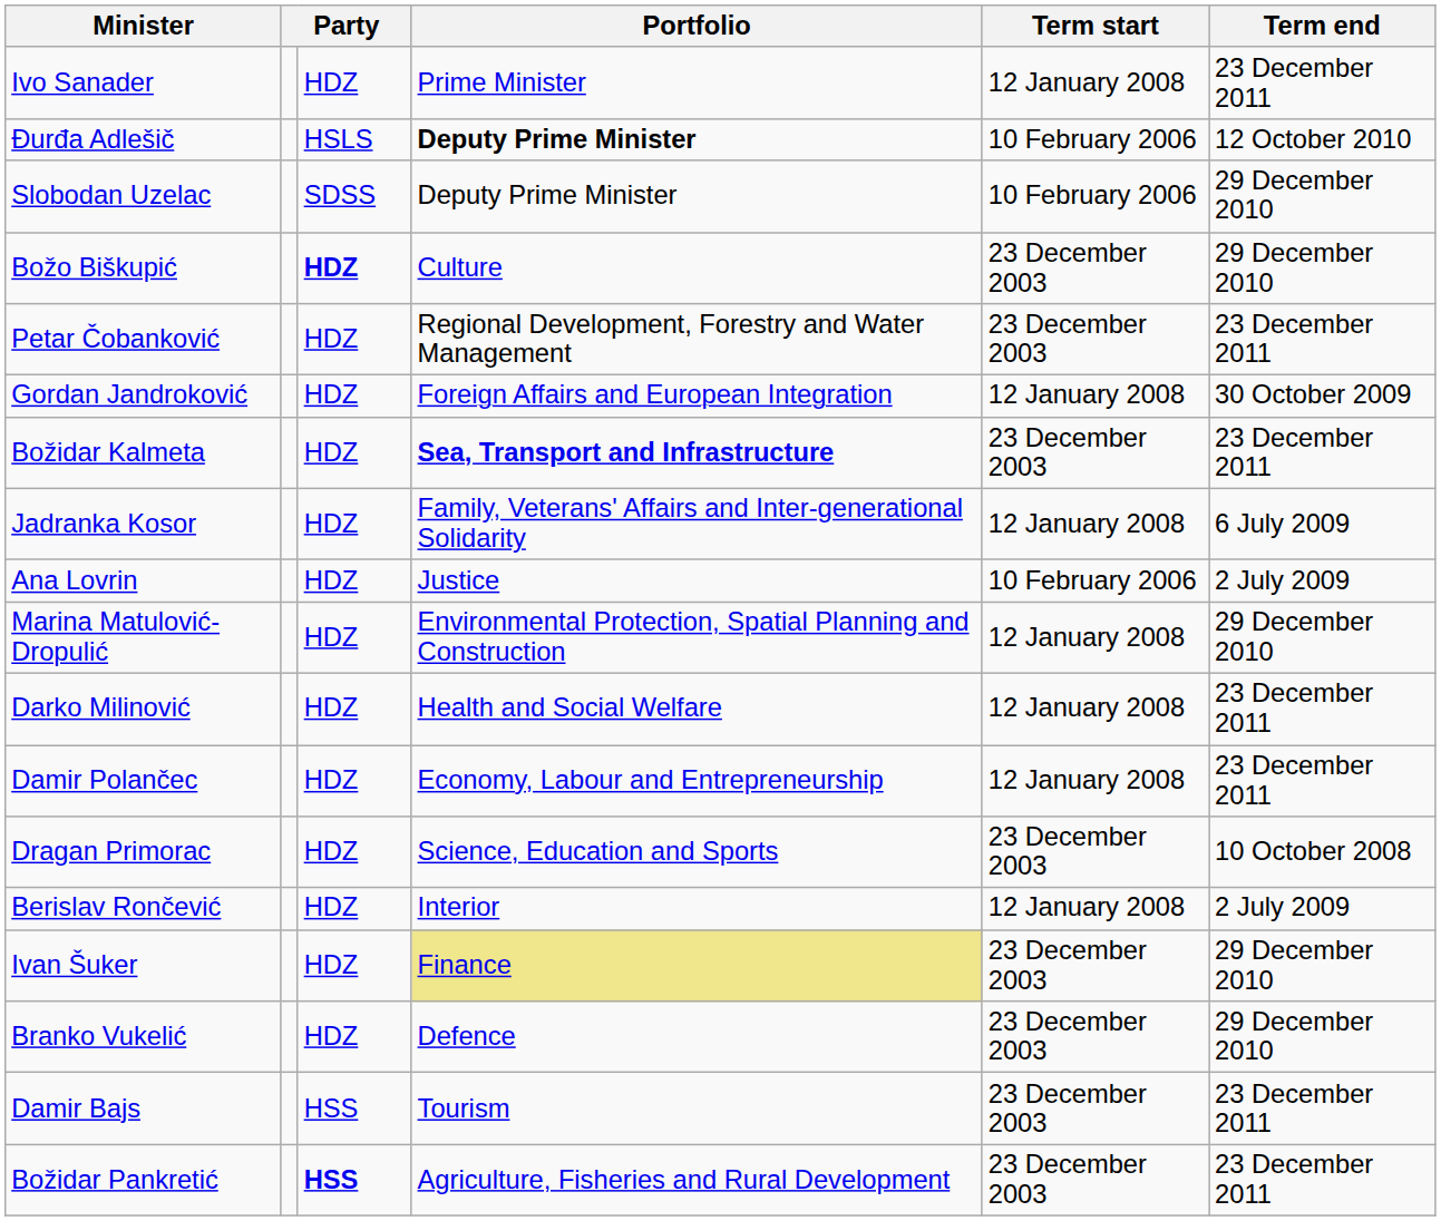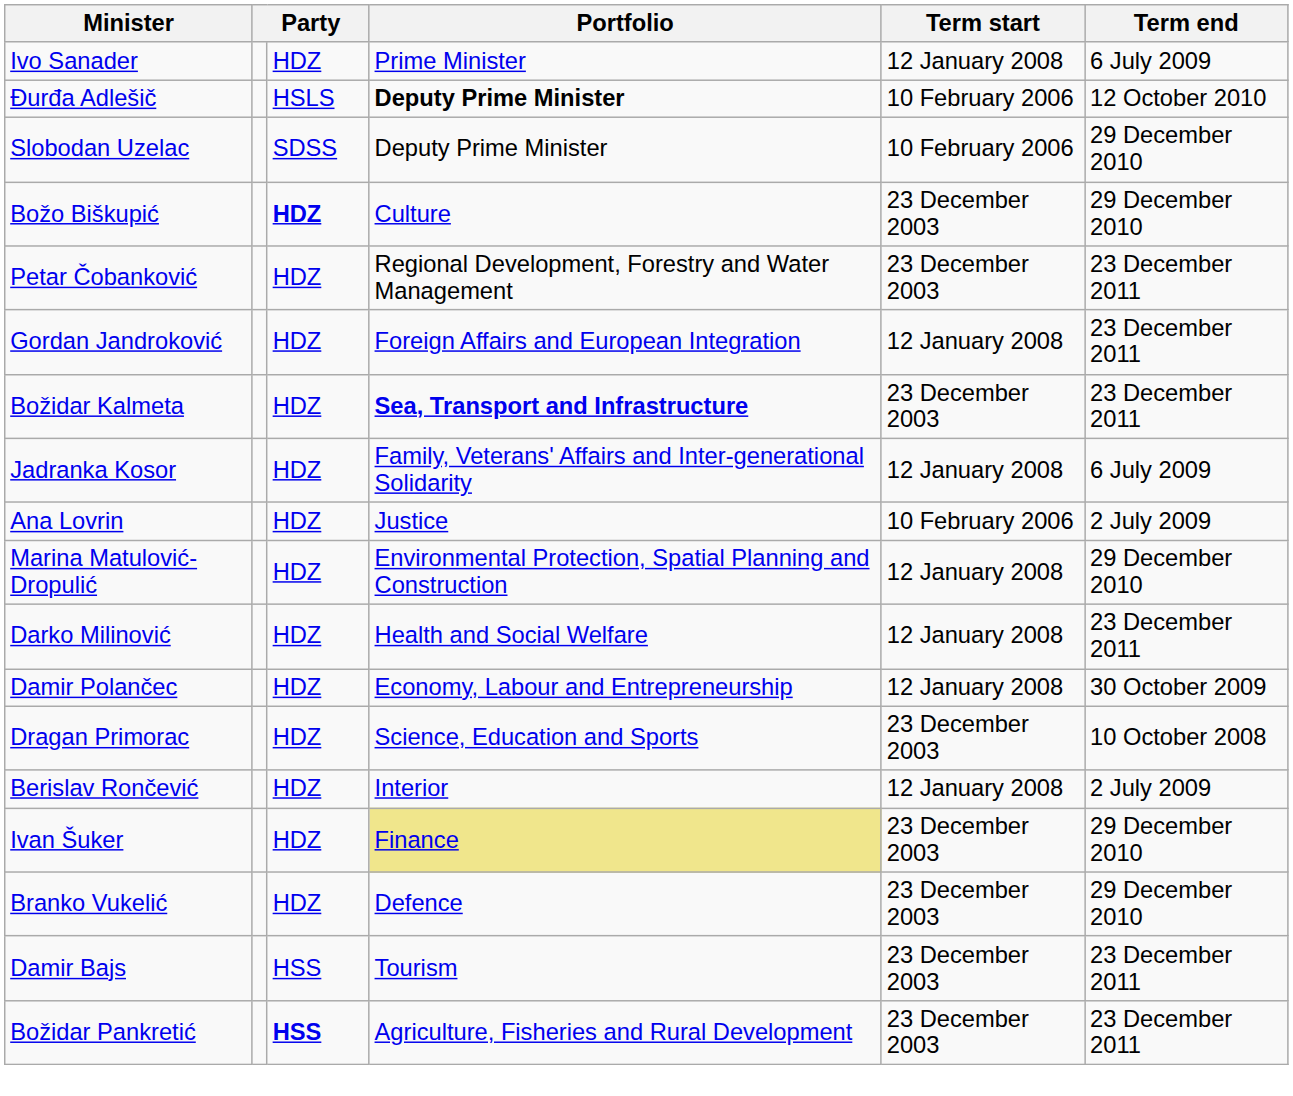 <table class="wikitable">
 <tr>
 <th width="160">Minister</th>
 <th colspan=2 width="80">Party</th>
 <th>Portfolio</th>
 <th width="130">Term start</th>
 <th width="130">Term end</th>
 </tr>
 <tr>
 <td><a href='#'>Ivo Sanader</a></td>
 <td style="background-color: "></td>
 <td><a href='#'>HDZ</a></td>
 <td><a href='#'>Prime Minister</a></td>
 <td>12 January 2008</td>
-<td>23 December 2011</td>
+<td>6 July 2009</td>
 </tr>
 <tr>
 <td><a href='#'>Đurđa Adlešič</a> </td>
 <td style="background-color: "></td>
 <td><a href='#'>HSLS</a></td>
 <td><strong>Deputy Prime Minister</strong></td>
 <td>10 February 2006</td>
 <td>12 October 2010</td>
 </tr>
 <tr>
 <td><a href='#'>Slobodan Uzelac</a> </td>
 <td style="background-color: "></td>
 <td><a href='#'>SDSS</a></td>
 <td>Deputy Prime Minister</td>
 <td>10 February 2006</td>
 <td>29 December 2010</td>
 </tr>
 <tr>
 <td><a href='#'>Božo Biškupić</a></td>
 <td style="background-color: "></td>
 <td><strong><a href='#'>HDZ</a></strong></td>
 <td><a href='#'>Culture</a></td>
 <td>23 December 2003</td>
 <td>29 December 2010</td>
 </tr>
 <tr>
 <td><a href='#'>Petar Čobanković</a></td>
 <td style="background-color: "></td>
 <td><a href='#'>HDZ</a></td>
 <td>Regional Development, Forestry and Water Management</td>
 <td>23 December 2003</td>
 <td>23 December 2011</td>
 </tr>
 <tr>
 <td><a href='#'>Gordan Jandroković</a></td>
 <td style="background-color: "></td>
 <td><a href='#'>HDZ</a></td>
 <td><a href='#'>Foreign Affairs and European Integration</a></td>
 <td>12 January 2008</td>
-<td>30 October 2009</td>
+<td>23 December 2011</td>
 </tr>
 <tr>
 <td><a href='#'>Božidar Kalmeta</a></td>
 <td style="background-color: "></td>
 <td><a href='#'>HDZ</a></td>
 <td><strong><a href='#'>Sea, Transport and Infrastructure</a></strong></td>
 <td>23 December 2003</td>
 <td>23 December 2011</td>
 </tr>
 <tr>
 <td><a href='#'>Jadranka Kosor</a> </td>
 <td style="background-color: "></td>
 <td><a href='#'>HDZ</a></td>
 <td><a href='#'>Family, Veterans' Affairs and Inter-generational Solidarity</a></td>
 <td>12 January 2008</td>
 <td>6 July 2009</td>
 </tr>
 <tr>
 <td><a href='#'>Ana Lovrin</a></td>
 <td style="background-color: "></td>
 <td><a href='#'>HDZ</a></td>
 <td><a href='#'>Justice</a></td>
 <td>10 February 2006</td>
 <td>2 July 2009</td>
 </tr>
 <tr>
 <td><a href='#'>Marina Matulović-Dropulić</a></td>
 <td style="background-color: "></td>
 <td><a href='#'>HDZ</a></td>
 <td><a href='#'>Environmental Protection, Spatial Planning and Construction</a></td>
 <td>12 January 2008</td>
 <td>29 December 2010</td>
 </tr>
 <tr>
 <td><a href='#'>Darko Milinović</a></td>
 <td style="background-color: "></td>
 <td><a href='#'>HDZ</a></td>
 <td><a href='#'>Health and Social Welfare</a></td>
 <td>12 January 2008</td>
 <td>23 December 2011</td>
 </tr>
 <tr>
 <td><a href='#'>Damir Polančec</a> </td>
 <td style="background-color: "></td>
 <td><a href='#'>HDZ</a></td>
 <td><a href='#'>Economy, Labour and Entrepreneurship</a></td>
 <td>12 January 2008</td>
-<td>23 December 2011</td>
+<td>30 October 2009</td>
 </tr>
 <tr>
 <td><a href='#'>Dragan Primorac</a></td>
 <td style="background-color: "></td>
 <td><a href='#'>HDZ</a></td>
 <td><a href='#'>Science, Education and Sports</a></td>
 <td>23 December 2003</td>
 <td>10 October 2008</td>
 </tr>
 <tr>
 <td><a href='#'>Berislav Rončević</a></td>
 <td style="background-color: "></td>
 <td><a href='#'>HDZ</a></td>
 <td><a href='#'>Interior</a></td>
 <td>12 January 2008</td>
 <td>2 July 2009</td>
 </tr>
 <tr>
 <td><a href='#'>Ivan Šuker</a></td>
 <td style="background-color: "></td>
 <td><a href='#'>HDZ</a></td>
 <td style="background: khaki;"><a href='#'>Finance</a></td>
 <td>23 December 2003</td>
 <td>29 December 2010</td>
 </tr>
 <tr>
 <td><a href='#'>Branko Vukelić</a></td>
 <td style="background-color: "></td>
 <td><a href='#'>HDZ</a></td>
 <td><a href='#'>Defence</a></td>
 <td>23 December 2003</td>
 <td>29 December 2010</td>
 </tr>
 <tr>
 <td><a href='#'>Damir Bajs</a></td>
 <td style="background-color: "></td>
 <td><a href='#'>HSS</a></td>
 <td><a href='#'>Tourism</a></td>
 <td>23 December 2003</td>
 <td>23 December 2011</td>
 </tr>
 <tr>
 <td><a href='#'>Božidar Pankretić</a></td>
 <td style="background-color: "></td>
 <td><strong><a href='#'>HSS</a></strong></td>
 <td><a href='#'>Agriculture, Fisheries and Rural Development</a></td>
 <td>23 December 2003</td>
 <td>23 December 2011</td>
 </tr>
 </table>
